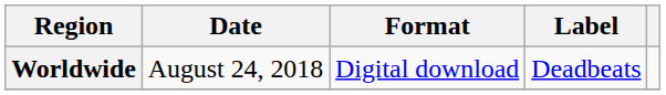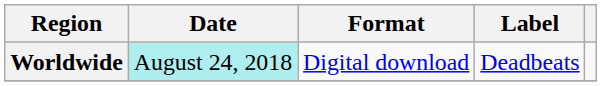 <table class="wikitable plainrowheaders">
 <tr>
 <th>Region</th>
 <th>Date</th>
 <th>Format</th>
 <th>Label</th>
 <th></th>
 </tr>
 <tr>
 <th scope="row" rowspan="1">Worldwide</th>
-<td>August 24, 2018</td>
+<td style="background: paleturquoise;">August 24, 2018</td>
 <td><a href='#'>Digital download</a></td>
 <td rowspan="1"><a href='#'>Deadbeats</a></td>
 <td></td>
 </tr>
 <tr>
 </tr>
 </table>
